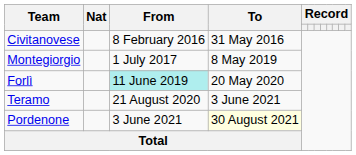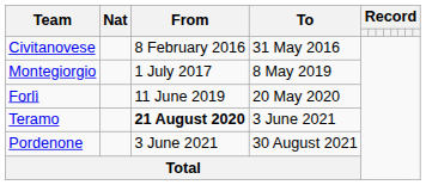 <table class="wikitable" style="text-align: center">
 <tr>
 <th rowspan="2">Team</th>
 <th rowspan="2">Nat</th>
 <th rowspan="2">From</th>
 <th rowspan="2">To</th>
 <th colspan="8">Record</th>
 </tr>
 <tr>
 <th></th>
 <th></th>
 <th></th>
 <th></th>
 <th></th>
 <th></th>
 <th></th>
 <th></th>
 </tr>
 <tr>
 <td align=left><a href='#'>Civitanovese</a></td>
 <td></td>
 <td align=left>8 February 2016</td>
 <td align=left>31 May 2016<br></td>
 </tr>
 <tr>
 <td align=left><a href='#'>Montegiorgio</a></td>
 <td></td>
 <td align=left>1 July 2017</td>
 <td align=left>8 May 2019<br></td>
 </tr>
 <tr>
 <td align=left><a href='#'>Forlì</a></td>
 <td></td>
-<td align=left style="background: paleturquoise;">11 June 2019</td>
+<td align=left>11 June 2019</td>
 <td align=left>20 May 2020<br></td>
 </tr>
 <tr>
 <td align=left><a href='#'>Teramo</a></td>
 <td></td>
-<td align=left>21 August 2020</td>
+<td align=left><strong>21 August 2020</strong></td>
 <td align=left>3 June 2021<br></td>
 </tr>
 <tr>
 <td align=left><a href='#'>Pordenone</a></td>
 <td></td>
 <td align=left>3 June 2021</td>
-<td align=left style="background: lightyellow;">30 August 2021<br></td>
+<td align=left>30 August 2021<br></td>
 </tr>
 <tr>
 <th colspan="4">Total<br></th>
 </tr>
 </table>
